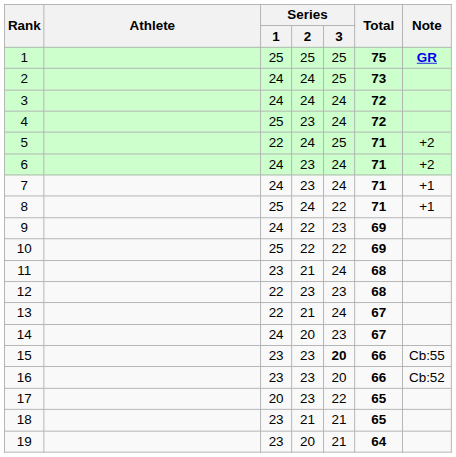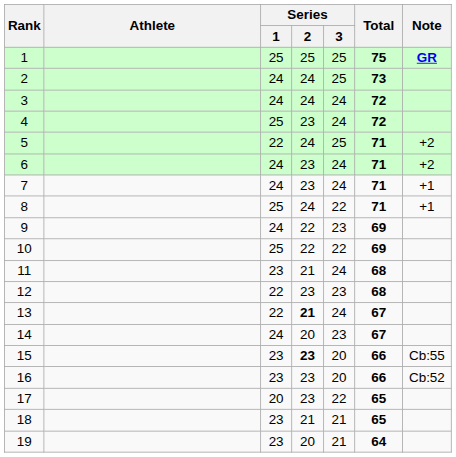 <table class="wikitable" style="text-align:center">
 <tr>
 <th rowspan=2 width=40>Rank</th>
 <th rowspan=2 width=250>Athlete</th>
 <th colspan=3>Series</th>
 <th rowspan=2 width=50>Total</th>
 <th rowspan=2 width=50>Note</th>
 </tr>
 <tr>
 <th width=30>1</th>
 <th width=30>2</th>
 <th width=30>3</th>
 </tr>
 <tr bgcolor=ccffcc>
 <td>1</td>
 <td align=left></td>
 <td>25</td>
 <td>25</td>
 <td>25</td>
 <td><strong>75</strong></td>
 <td><strong><a href='#'>GR</a></strong></td>
 </tr>
 <tr bgcolor=ccffcc>
 <td>2</td>
 <td align=left></td>
 <td>24</td>
 <td>24</td>
 <td>25</td>
 <td><strong>73</strong></td>
 <td></td>
 </tr>
 <tr bgcolor=ccffcc>
 <td>3</td>
 <td align=left></td>
 <td>24</td>
 <td>24</td>
 <td>24</td>
 <td><strong>72</strong></td>
 <td></td>
 </tr>
 <tr bgcolor=ccffcc>
 <td>4</td>
 <td align=left></td>
 <td>25</td>
 <td>23</td>
 <td>24</td>
 <td><strong>72</strong></td>
 <td></td>
 </tr>
 <tr bgcolor=ccffcc>
 <td>5</td>
 <td align=left></td>
 <td>22</td>
 <td>24</td>
 <td>25</td>
 <td><strong>71</strong></td>
 <td>+2</td>
 </tr>
 <tr bgcolor=ccffcc>
 <td>6</td>
 <td align=left></td>
 <td>24</td>
 <td>23</td>
 <td>24</td>
 <td><strong>71</strong></td>
 <td>+2</td>
 </tr>
 <tr>
 <td>7</td>
 <td align=left></td>
 <td>24</td>
 <td>23</td>
 <td>24</td>
 <td><strong>71</strong></td>
 <td>+1</td>
 </tr>
 <tr>
 <td>8</td>
 <td align=left></td>
 <td>25</td>
 <td>24</td>
 <td>22</td>
 <td><strong>71</strong></td>
 <td>+1</td>
 </tr>
 <tr>
 <td>9</td>
 <td align=left></td>
 <td>24</td>
 <td>22</td>
 <td>23</td>
 <td><strong>69</strong></td>
 <td></td>
 </tr>
 <tr>
 <td>10</td>
 <td align=left></td>
 <td>25</td>
 <td>22</td>
 <td>22</td>
 <td><strong>69</strong></td>
 <td></td>
 </tr>
 <tr>
 <td>11</td>
 <td align=left></td>
 <td>23</td>
 <td>21</td>
 <td>24</td>
 <td><strong>68</strong></td>
 <td></td>
 </tr>
 <tr>
 <td>12</td>
 <td align=left></td>
 <td>22</td>
 <td>23</td>
 <td>23</td>
 <td><strong>68</strong></td>
 <td></td>
 </tr>
 <tr>
 <td>13</td>
 <td align=left></td>
 <td>22</td>
-<td>21</td>
+<td><strong>21</strong></td>
 <td>24</td>
 <td><strong>67</strong></td>
 <td></td>
 </tr>
 <tr>
 <td>14</td>
 <td align=left></td>
 <td>24</td>
 <td>20</td>
 <td>23</td>
 <td><strong>67</strong></td>
 <td></td>
 </tr>
 <tr>
 <td>15</td>
 <td align=left></td>
 <td>23</td>
-<td>23</td>
-<td><strong>20</strong></td>
+<td><strong>23</strong></td>
+<td>20</td>
 <td><strong>66</strong></td>
 <td>Cb:55</td>
 </tr>
 <tr>
 <td>16</td>
 <td align=left></td>
 <td>23</td>
 <td>23</td>
 <td>20</td>
 <td><strong>66</strong></td>
 <td>Cb:52</td>
 </tr>
 <tr>
 <td>17</td>
 <td align=left></td>
 <td>20</td>
 <td>23</td>
 <td>22</td>
 <td><strong>65</strong></td>
 <td></td>
 </tr>
 <tr>
 <td>18</td>
 <td align=left></td>
 <td>23</td>
 <td>21</td>
 <td>21</td>
 <td><strong>65</strong></td>
 <td></td>
 </tr>
 <tr>
 <td>19</td>
 <td align=left></td>
 <td>23</td>
 <td>20</td>
 <td>21</td>
 <td><strong>64</strong></td>
 <td></td>
 </tr>
 </table>
